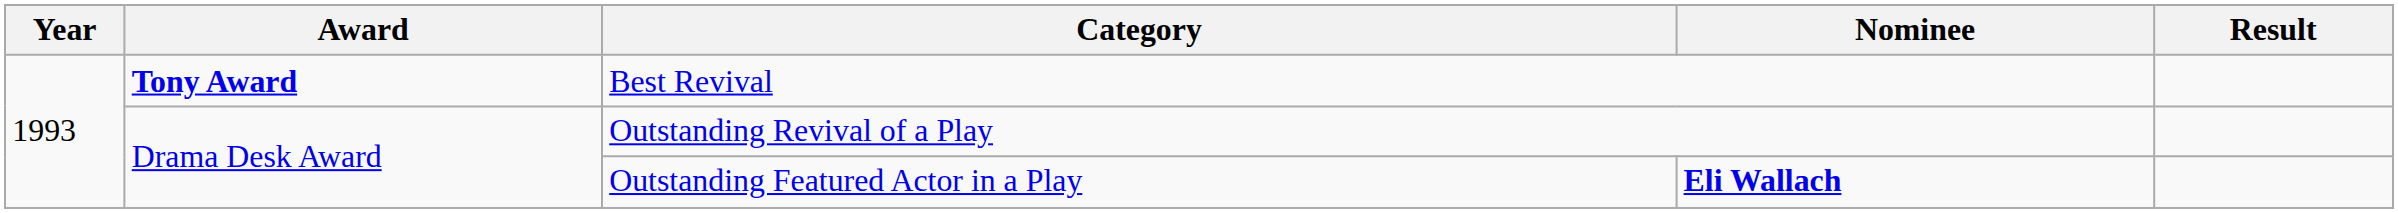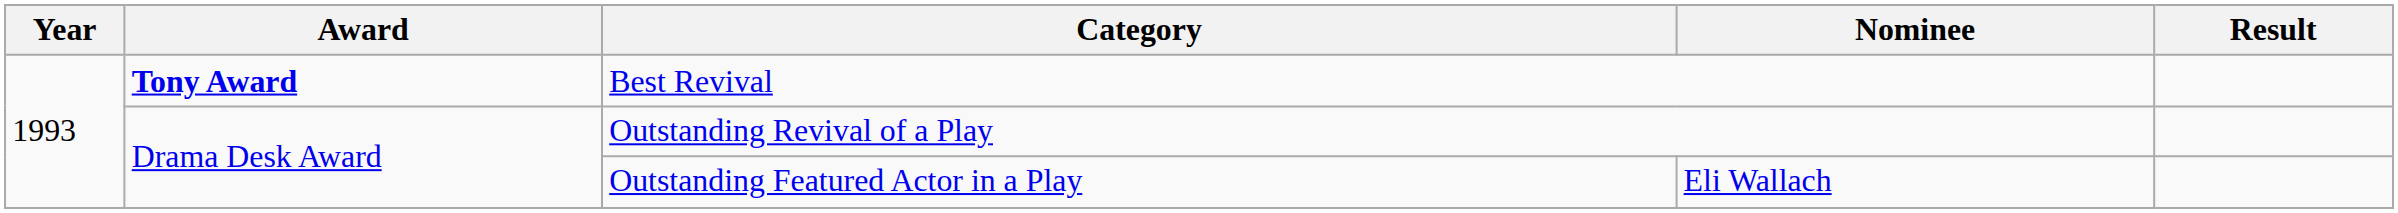 <table class="wikitable" style="width:95%;">
 <tr>
 <th style="width:5%;">Year</th>
 <th style="width:20%;">Award</th>
 <th style="width:45%;">Category</th>
 <th style="width:20%;">Nominee</th>
 <th style="width:10%;">Result</th>
 </tr>
 <tr>
 <td rowspan=3>1993</td>
 <td><strong><a href='#'>Tony Award</a></strong></td>
 <td colspan=2><a href='#'>Best Revival</a></td>
 <td></td>
 </tr>
 <tr>
 <td rowspan=2><a href='#'>Drama Desk Award</a></td>
 <td colspan=2><a href='#'>Outstanding Revival of a Play</a></td>
 <td></td>
 </tr>
 <tr>
 <td><a href='#'>Outstanding Featured Actor in a Play</a></td>
-<td><strong><a href='#'>Eli Wallach</a></strong></td>
+<td><a href='#'>Eli Wallach</a></td>
 <td></td>
 </tr>
 </table>
